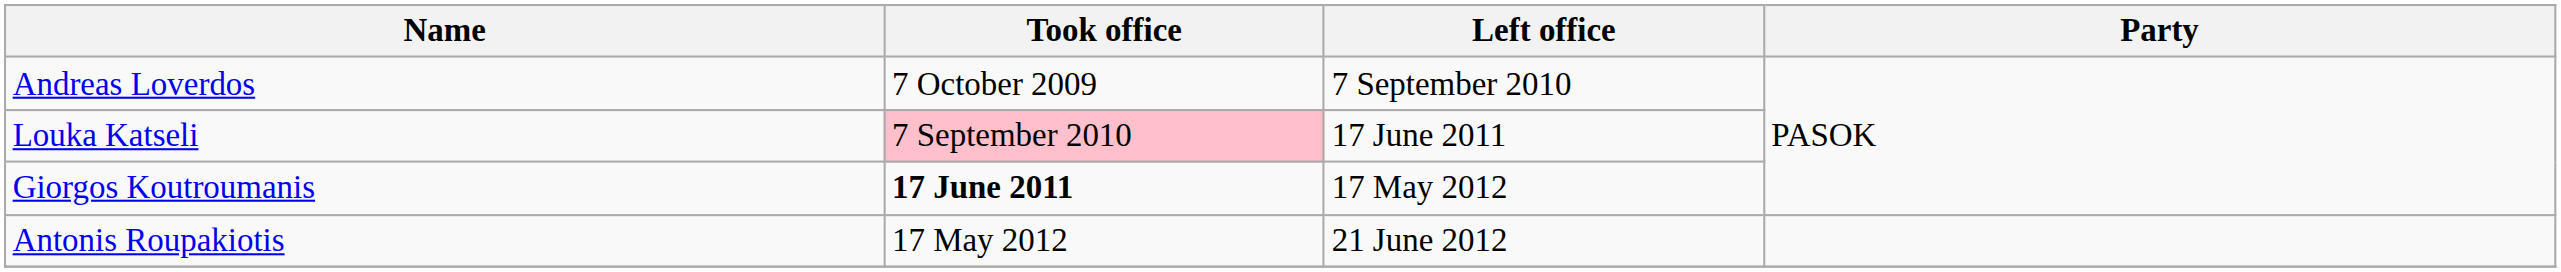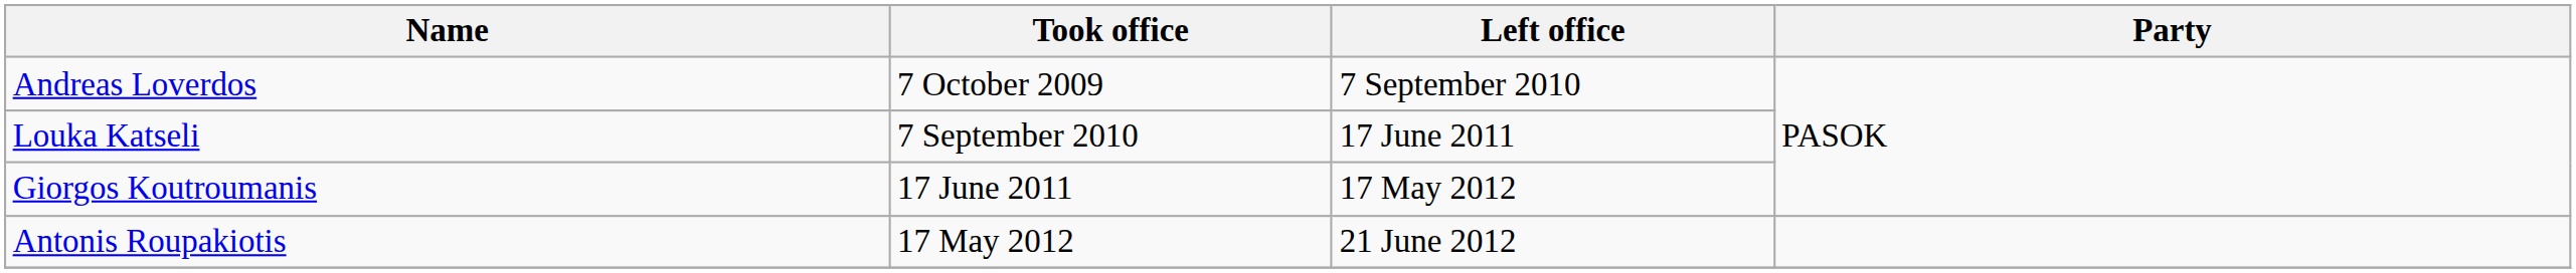 <table class="wikitable">
 <tr>
 <th width="20%">Name</th>
 <th width="10%">Took office</th>
 <th width="10%">Left office</th>
 <th width="18%">Party</th>
 </tr>
 <tr>
 <td><a href='#'>Andreas Loverdos</a></td>
 <td>7 October 2009</td>
 <td>7 September 2010</td>
 <td rowspan=3>PASOK</td>
 </tr>
 <tr>
 <td><a href='#'>Louka Katseli</a></td>
-<td style="background: pink;">7 September 2010</td>
+<td>7 September 2010</td>
 <td>17 June 2011</td>
 </tr>
 <tr>
 <td><a href='#'>Giorgos Koutroumanis</a></td>
-<td><strong>17 June 2011</strong></td>
+<td>17 June 2011</td>
 <td>17 May 2012</td>
 </tr>
 <tr>
 <td><a href='#'>Antonis Roupakiotis</a></td>
 <td>17 May 2012</td>
 <td>21 June 2012</td>
 <td></td>
 </tr>
 <tr>
 </tr>
 </table>
